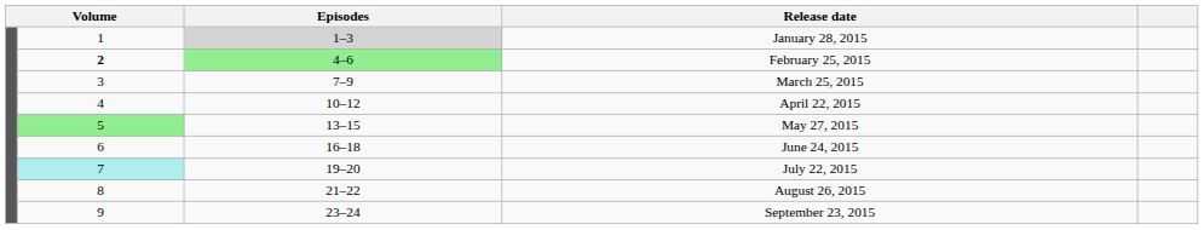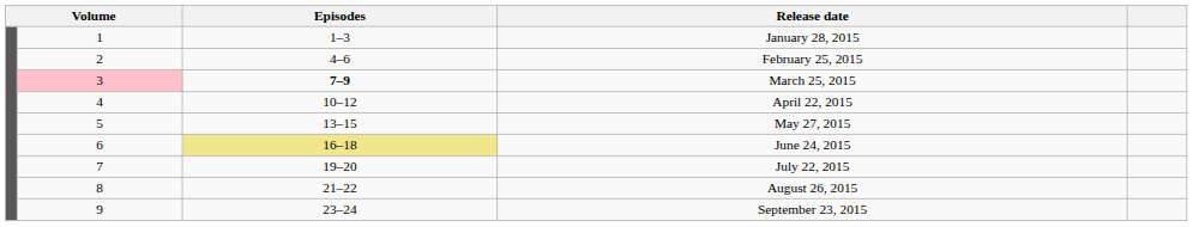 <table class="wikitable" style="text-align: center; width: 70%;">
 <tr>
 <th colspan="2" width="15%">Volume</th>
 <th>Episodes</th>
 <th>Release date</th>
 <th width="5%"></th>
 </tr>
 <tr>
 <td rowspan="9" width="1%" style="background: #575757"></td>
 <td>1</td>
-<td style="background: lightgrey;">1–3</td>
+<td>1–3</td>
 <td>January 28, 2015</td>
 <td></td>
 </tr>
 <tr>
-<td><strong>2</strong></td>
-<td style="background: lightgreen;">4–6</td>
+<td>2</td>
+<td>4–6</td>
 <td>February 25, 2015</td>
 <td></td>
 </tr>
 <tr>
-<td>3</td>
-<td>7–9</td>
+<td style="background: pink;">3</td>
+<td><strong>7–9</strong></td>
 <td>March 25, 2015</td>
 <td></td>
 </tr>
 <tr>
 <td>4</td>
 <td>10–12</td>
 <td>April 22, 2015</td>
 <td></td>
 </tr>
 <tr>
-<td style="background: lightgreen;">5</td>
+<td>5</td>
 <td>13–15</td>
 <td>May 27, 2015</td>
 <td></td>
 </tr>
 <tr>
 <td>6</td>
-<td>16–18</td>
+<td style="background: khaki;">16–18</td>
 <td>June 24, 2015</td>
 <td></td>
 </tr>
 <tr>
-<td style="background: paleturquoise;">7</td>
+<td>7</td>
 <td>19–20</td>
 <td>July 22, 2015</td>
 <td></td>
 </tr>
 <tr>
 <td>8</td>
 <td>21–22</td>
 <td>August 26, 2015</td>
 <td></td>
 </tr>
 <tr>
 <td>9</td>
 <td>23–24</td>
 <td>September 23, 2015</td>
 <td></td>
 </tr>
 </table>
